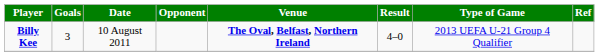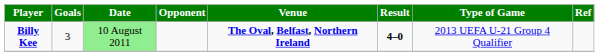 <table class="wikitable sortable" style="text-align:left;">
 <tr>
 <th style="background-color:#008000; color:white; ">Player</th>
 <th style="background-color:#008000; color:white; ">Goals</th>
 <th style="background-color:#008000; color:white; ">Date</th>
 <th style="background-color:#008000; color:white; ">Opponent</th>
 <th style="background-color:#008000; color:white; ">Venue</th>
 <th style="background-color:#008000; color:white; ">Result</th>
 <th style="background-color:#008000; color:white; ">Type of Game</th>
 <th style="background-color:#008000; color:white; ">Ref</th>
 </tr>
 <tr>
 <td align=center><strong><a href='#'>Billy Kee</a></strong></td>
 <td align=center>3</td>
-<td align=center>10 August 2011</td>
+<td align=center style="background: lightgreen;">10 August 2011</td>
 <td align=left></td>
 <td align=center><strong><a href='#'>The Oval</a>, <a href='#'>Belfast</a>, <a href='#'>Northern Ireland</a></strong></td>
-<td align=center>4–0</td>
+<td align=center><strong>4–0</strong></td>
 <td align=center><a href='#'>2013 UEFA U-21 Group 4 Qualifier</a></td>
 <td align=center></td>
 </tr>
 <tr>
 </tr>
 </table>
